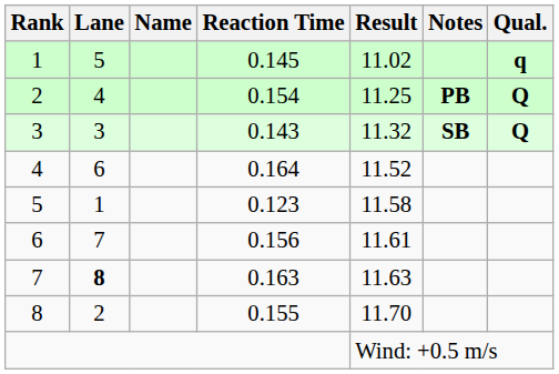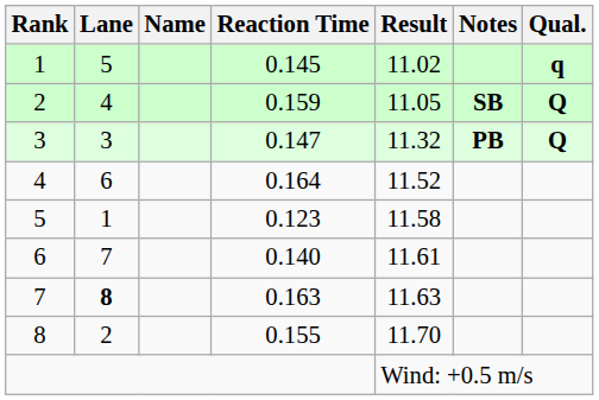 <table class="wikitable" style="text-align:center">
 <tr>
 <th>Rank</th>
 <th>Lane</th>
 <th>Name</th>
 <th>Reaction Time</th>
 <th>Result</th>
 <th>Notes</th>
 <th>Qual.</th>
 </tr>
 <tr bgcolor=ccffcc>
 <td>1</td>
 <td>5</td>
 <td align="left"></td>
 <td>0.145</td>
 <td>11.02</td>
 <td></td>
 <td><strong>q</strong></td>
 </tr>
 <tr bgcolor=ccffcc>
 <td>2</td>
 <td>4</td>
 <td align="left"></td>
-<td>0.154</td>
-<td>11.25</td>
-<td><strong>PB</strong></td>
+<td>0.159</td>
+<td>11.05</td>
+<td><strong>SB</strong></td>
 <td><strong>Q</strong></td>
 </tr>
 <tr bgcolor=ddffdd>
 <td>3</td>
 <td>3</td>
 <td align="left"></td>
-<td>0.143</td>
+<td>0.147</td>
 <td>11.32</td>
-<td><strong>SB</strong></td>
+<td><strong>PB</strong></td>
 <td><strong>Q</strong></td>
 </tr>
 <tr>
 <td>4</td>
 <td>6</td>
 <td align="left"></td>
 <td>0.164</td>
 <td>11.52</td>
 <td></td>
 <td></td>
 </tr>
 <tr>
 <td>5</td>
 <td>1</td>
 <td align="left"></td>
 <td>0.123</td>
 <td>11.58</td>
 <td></td>
 <td></td>
 </tr>
 <tr>
 <td>6</td>
 <td>7</td>
 <td align="left"></td>
-<td>0.156</td>
+<td>0.140</td>
 <td>11.61</td>
 <td></td>
 <td></td>
 </tr>
 <tr>
 <td>7</td>
 <td><strong>8</strong></td>
 <td align="left"></td>
 <td>0.163</td>
 <td>11.63</td>
 <td></td>
 <td></td>
 </tr>
 <tr>
 <td>8</td>
 <td>2</td>
 <td align="left"></td>
 <td>0.155</td>
 <td>11.70</td>
 <td></td>
 <td></td>
 </tr>
 <tr class="sortbottom">
 <td colspan=4></td>
 <td colspan="3" style="text-align:left;">Wind: +0.5 m/s</td>
 </tr>
 </table>
